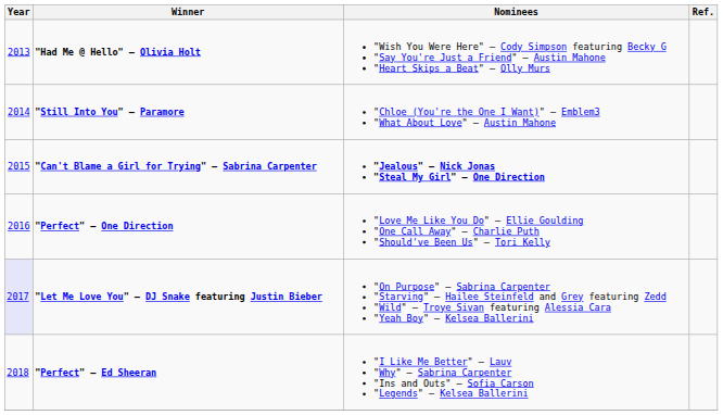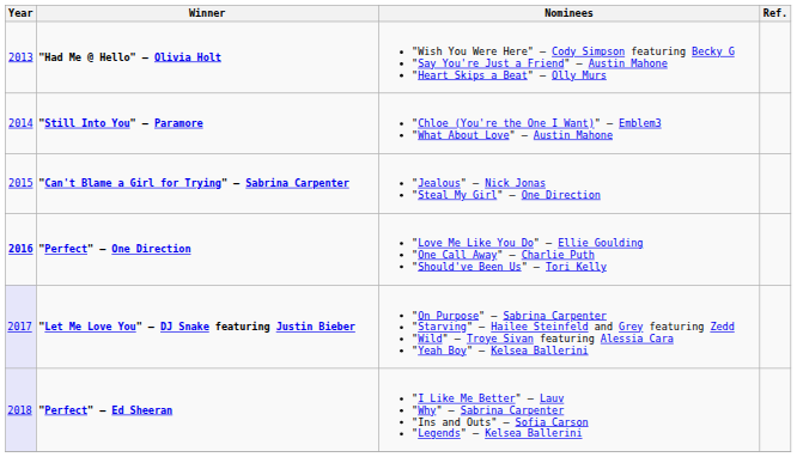 <table class="wikitable" width=80%>
 <tr>
 <th>Year</th>
 <th>Winner</th>
 <th>Nominees</th>
 <th>Ref.</th>
 </tr>
 <tr>
 <td align="center"><a href='#'>2013</a></td>
 <td><strong>"Had Me @ Hello" – <a href='#'>Olivia Holt</a></strong></td>
 <td><br><ul><li>"Wish You Were Here" – <a href='#'>Cody Simpson</a> featuring <a href='#'>Becky G</a></li><li>"<a href='#'>Say You're Just a Friend</a>" – <a href='#'>Austin Mahone</a></li><li>"<a href='#'>Heart Skips a Beat</a>" – <a href='#'>Olly Murs</a></li></ul></td>
 <td align="center"></td>
 </tr>
 <tr>
 <td align="center"><a href='#'>2014</a></td>
 <td><strong>"<a href='#'>Still Into You</a>" – <a href='#'>Paramore</a></strong></td>
 <td><br><ul><li>"<a href='#'>Chloe (You're the One I Want)</a>" – <a href='#'>Emblem3</a></li><li>"<a href='#'>What About Love</a>" – <a href='#'>Austin Mahone</a></li></ul></td>
 <td align="center"></td>
 </tr>
 <tr>
 <td align="center"><a href='#'>2015</a></td>
 <td><strong>"<a href='#'>Can't Blame a Girl for Trying</a>" – <a href='#'>Sabrina Carpenter</a></strong></td>
-<td><strong><br><ul><li>"<a href='#'>Jealous</a>" – <a href='#'>Nick Jonas</a></li><li>"<a href='#'>Steal My Girl</a>" – <a href='#'>One Direction</a></li></ul></strong></td>
+<td><br><ul><li>"<a href='#'>Jealous</a>" – <a href='#'>Nick Jonas</a></li><li>"<a href='#'>Steal My Girl</a>" – <a href='#'>One Direction</a></li></ul></td>
 <td align="center"></td>
 </tr>
 <tr>
-<td align="center"><a href='#'>2016</a></td>
+<td align="center"><strong><a href='#'>2016</a></strong></td>
 <td><strong>"<a href='#'>Perfect</a>" – <a href='#'>One Direction</a></strong></td>
 <td><br><ul><li>"<a href='#'>Love Me Like You Do</a>" – <a href='#'>Ellie Goulding</a></li><li>"<a href='#'>One Call Away</a>" – <a href='#'>Charlie Puth</a></li><li>"<a href='#'>Should've Been Us</a>" – <a href='#'>Tori Kelly</a></li></ul></td>
 <td align="center"></td>
 </tr>
 <tr>
 <td style="background: lavender;"><a href='#'>2017</a></td>
 <td><strong>"<a href='#'>Let Me Love You</a>" – <a href='#'>DJ Snake</a> featuring <a href='#'>Justin Bieber</a></strong></td>
 <td><br><ul><li>"<a href='#'>On Purpose</a>" – <a href='#'>Sabrina Carpenter</a></li><li>"<a href='#'>Starving</a>" – <a href='#'>Hailee Steinfeld</a> and <a href='#'>Grey</a> featuring <a href='#'>Zedd</a></li><li>"<a href='#'>Wild</a>" – <a href='#'>Troye Sivan</a> featuring <a href='#'>Alessia Cara</a></li><li>"<a href='#'>Yeah Boy</a>" – <a href='#'>Kelsea Ballerini</a></li></ul></td>
 <td></td>
 </tr>
 <tr>
-<td><a href='#'>2018</a></td>
+<td style="background: lavender;"><a href='#'>2018</a></td>
 <td><strong>"<a href='#'>Perfect</a>" – <a href='#'>Ed Sheeran</a></strong></td>
 <td><br><ul><li>"<a href='#'>I Like Me Better</a>" – <a href='#'>Lauv</a></li><li>"<a href='#'>Why</a>" – <a href='#'>Sabrina Carpenter</a></li><li>"Ins and Outs" – <a href='#'>Sofia Carson</a></li><li>"<a href='#'>Legends</a>" – <a href='#'>Kelsea Ballerini</a></li></ul></td>
 <td></td>
 </tr>
 <tr>
 </tr>
 </table>
